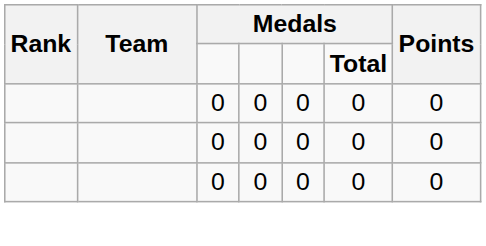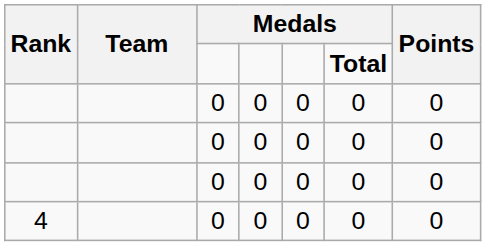 <table class="wikitable">
 <tr>
 <th rowspan=2>Rank</th>
 <th style="width:70px;" rowspan="2">Team</th>
 <th colspan=4>Medals</th>
 <th rowspan=2>Points</th>
 </tr>
 <tr>
 <td style="width:20px; text-align:center;"></td>
 <td style="width:20px; text-align:center;"></td>
 <td style="width:20px; text-align:center;"></td>
 <td><strong>Total</strong></td>
 </tr>
 <tr>
 <td align=center></td>
 <td></td>
 <td align=center>0</td>
 <td align=center>0</td>
 <td align=center>0</td>
 <td align=center>0</td>
 <td align=center>0</td>
 </tr>
 <tr>
 <td align=center></td>
 <td></td>
 <td align=center>0</td>
 <td align=center>0</td>
 <td align=center>0</td>
 <td align=center>0</td>
 <td align=center>0</td>
 </tr>
 <tr>
 <td align=center></td>
 <td><strong></strong></td>
 <td align=center>0</td>
 <td align=center>0</td>
 <td align=center>0</td>
 <td align=center>0</td>
 <td align=center>0</td>
 </tr>
+<tr>
+<td align=center>4</td>
+<td></td>
+<td align=center>0</td>
+<td align=center>0</td>
+<td align=center>0</td>
+<td align=center>0</td>
+<td align=center>0</td>
+</tr>
 </table>
